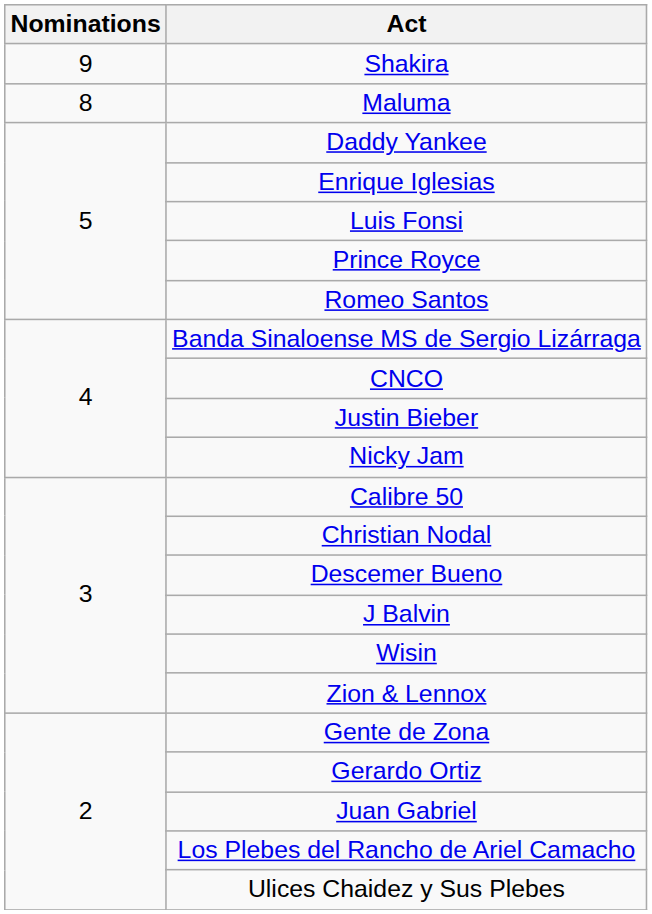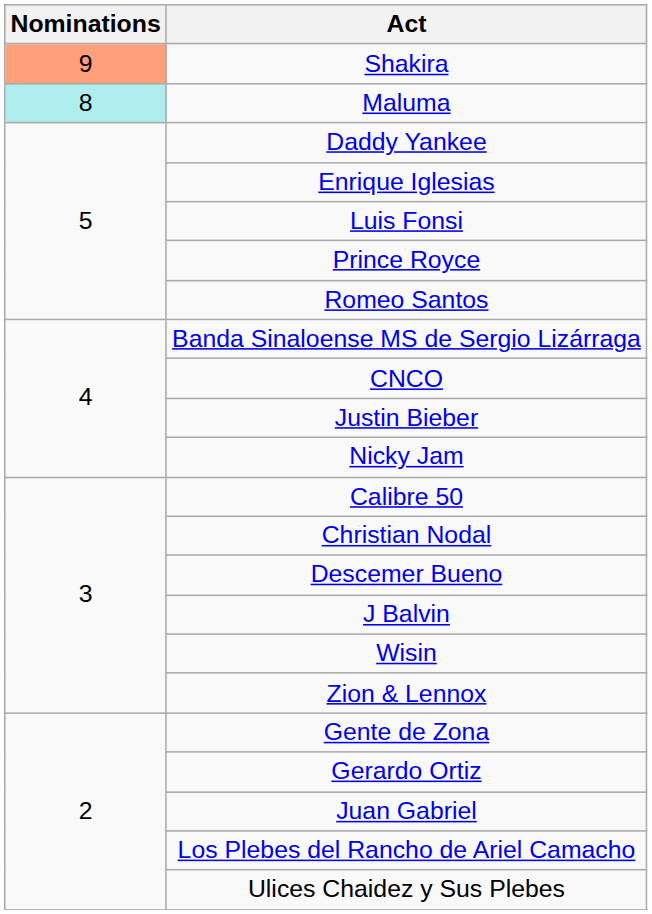 <table class="wikitable" rowspan="2" style="text-align:center;">
 <tr>
 <th scope="col">Nominations</th>
 <th scope="col">Act</th>
 </tr>
 <tr>
-<td>9</td>
+<td style="background: lightsalmon;">9</td>
 <td><a href='#'>Shakira</a></td>
 </tr>
 <tr>
-<td>8</td>
+<td style="background: paleturquoise;">8</td>
 <td><a href='#'>Maluma</a></td>
 </tr>
 <tr>
 <td rowspan="5">5</td>
 <td><a href='#'>Daddy Yankee</a></td>
 </tr>
 <tr>
 <td><a href='#'>Enrique Iglesias</a></td>
 </tr>
 <tr>
 <td><a href='#'>Luis Fonsi</a></td>
 </tr>
 <tr>
 <td><a href='#'>Prince Royce</a></td>
 </tr>
 <tr>
 <td><a href='#'>Romeo Santos</a></td>
 </tr>
 <tr>
 <td rowspan="4">4</td>
 <td><a href='#'>Banda Sinaloense MS de Sergio Lizárraga</a></td>
 </tr>
 <tr>
 <td><a href='#'>CNCO</a></td>
 </tr>
 <tr>
 <td><a href='#'>Justin Bieber</a></td>
 </tr>
 <tr>
 <td><a href='#'>Nicky Jam</a></td>
 </tr>
 <tr>
 <td rowspan="6">3</td>
 <td><a href='#'>Calibre 50</a></td>
 </tr>
 <tr>
 <td><a href='#'>Christian Nodal</a></td>
 </tr>
 <tr>
 <td><a href='#'>Descemer Bueno</a></td>
 </tr>
 <tr>
 <td><a href='#'>J Balvin</a></td>
 </tr>
 <tr>
 <td><a href='#'>Wisin</a></td>
 </tr>
 <tr>
 <td><a href='#'>Zion & Lennox</a></td>
 </tr>
 <tr>
 <td rowspan="5">2</td>
 <td><a href='#'>Gente de Zona</a></td>
 </tr>
 <tr>
 <td><a href='#'>Gerardo Ortiz</a></td>
 </tr>
 <tr>
 <td><a href='#'>Juan Gabriel</a></td>
 </tr>
 <tr>
 <td><a href='#'>Los Plebes del Rancho de Ariel Camacho</a></td>
 </tr>
 <tr>
 <td>Ulices Chaidez y Sus Plebes</td>
 </tr>
 </table>
